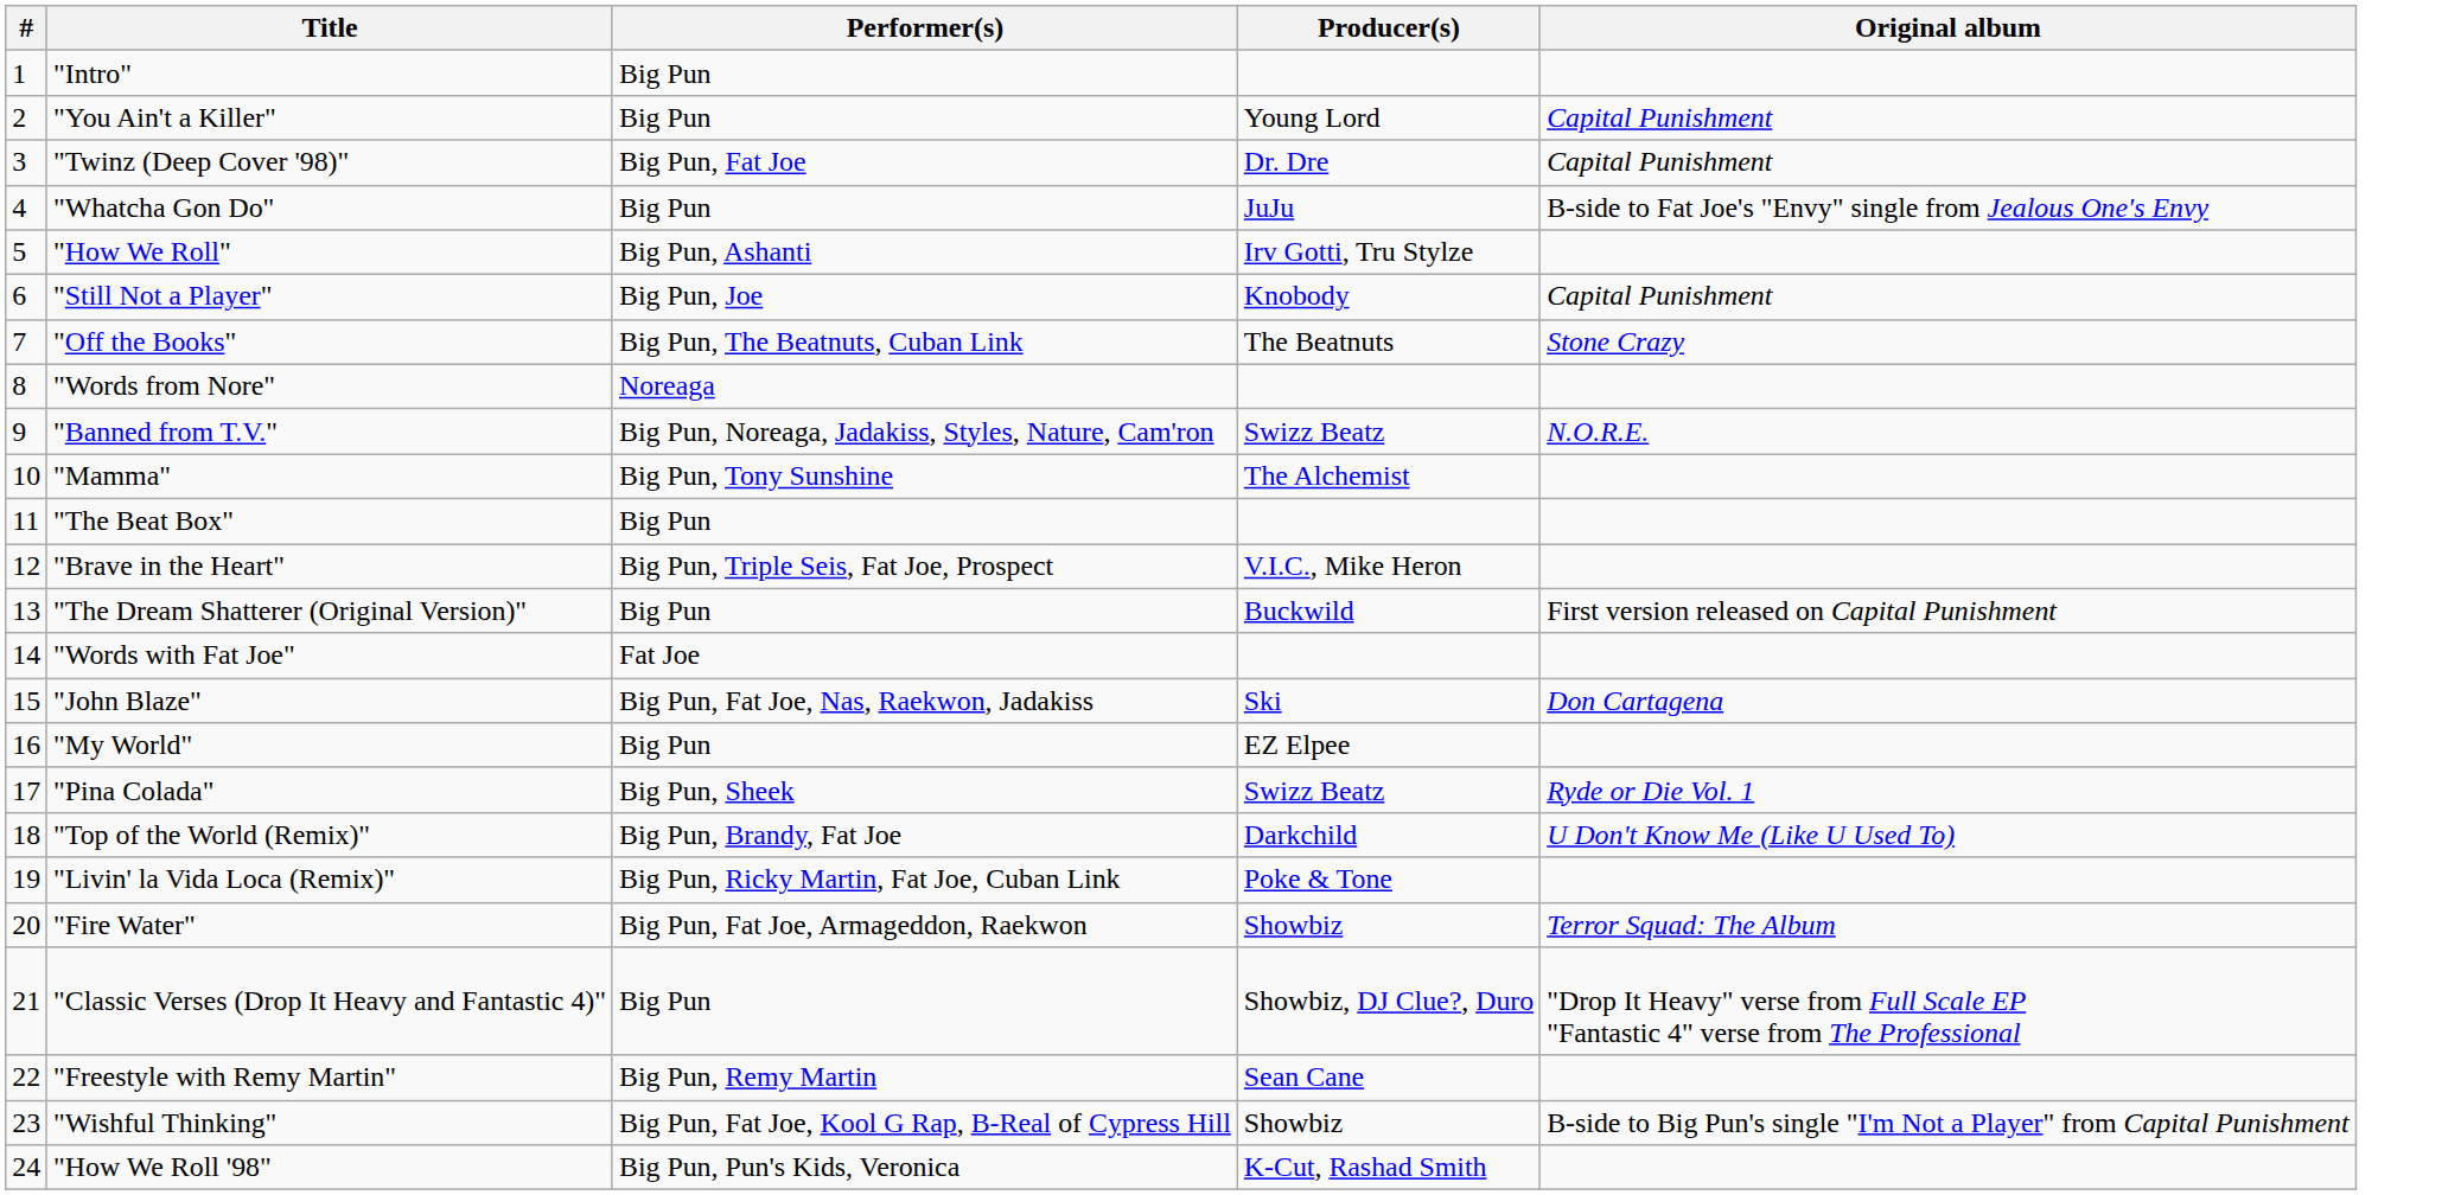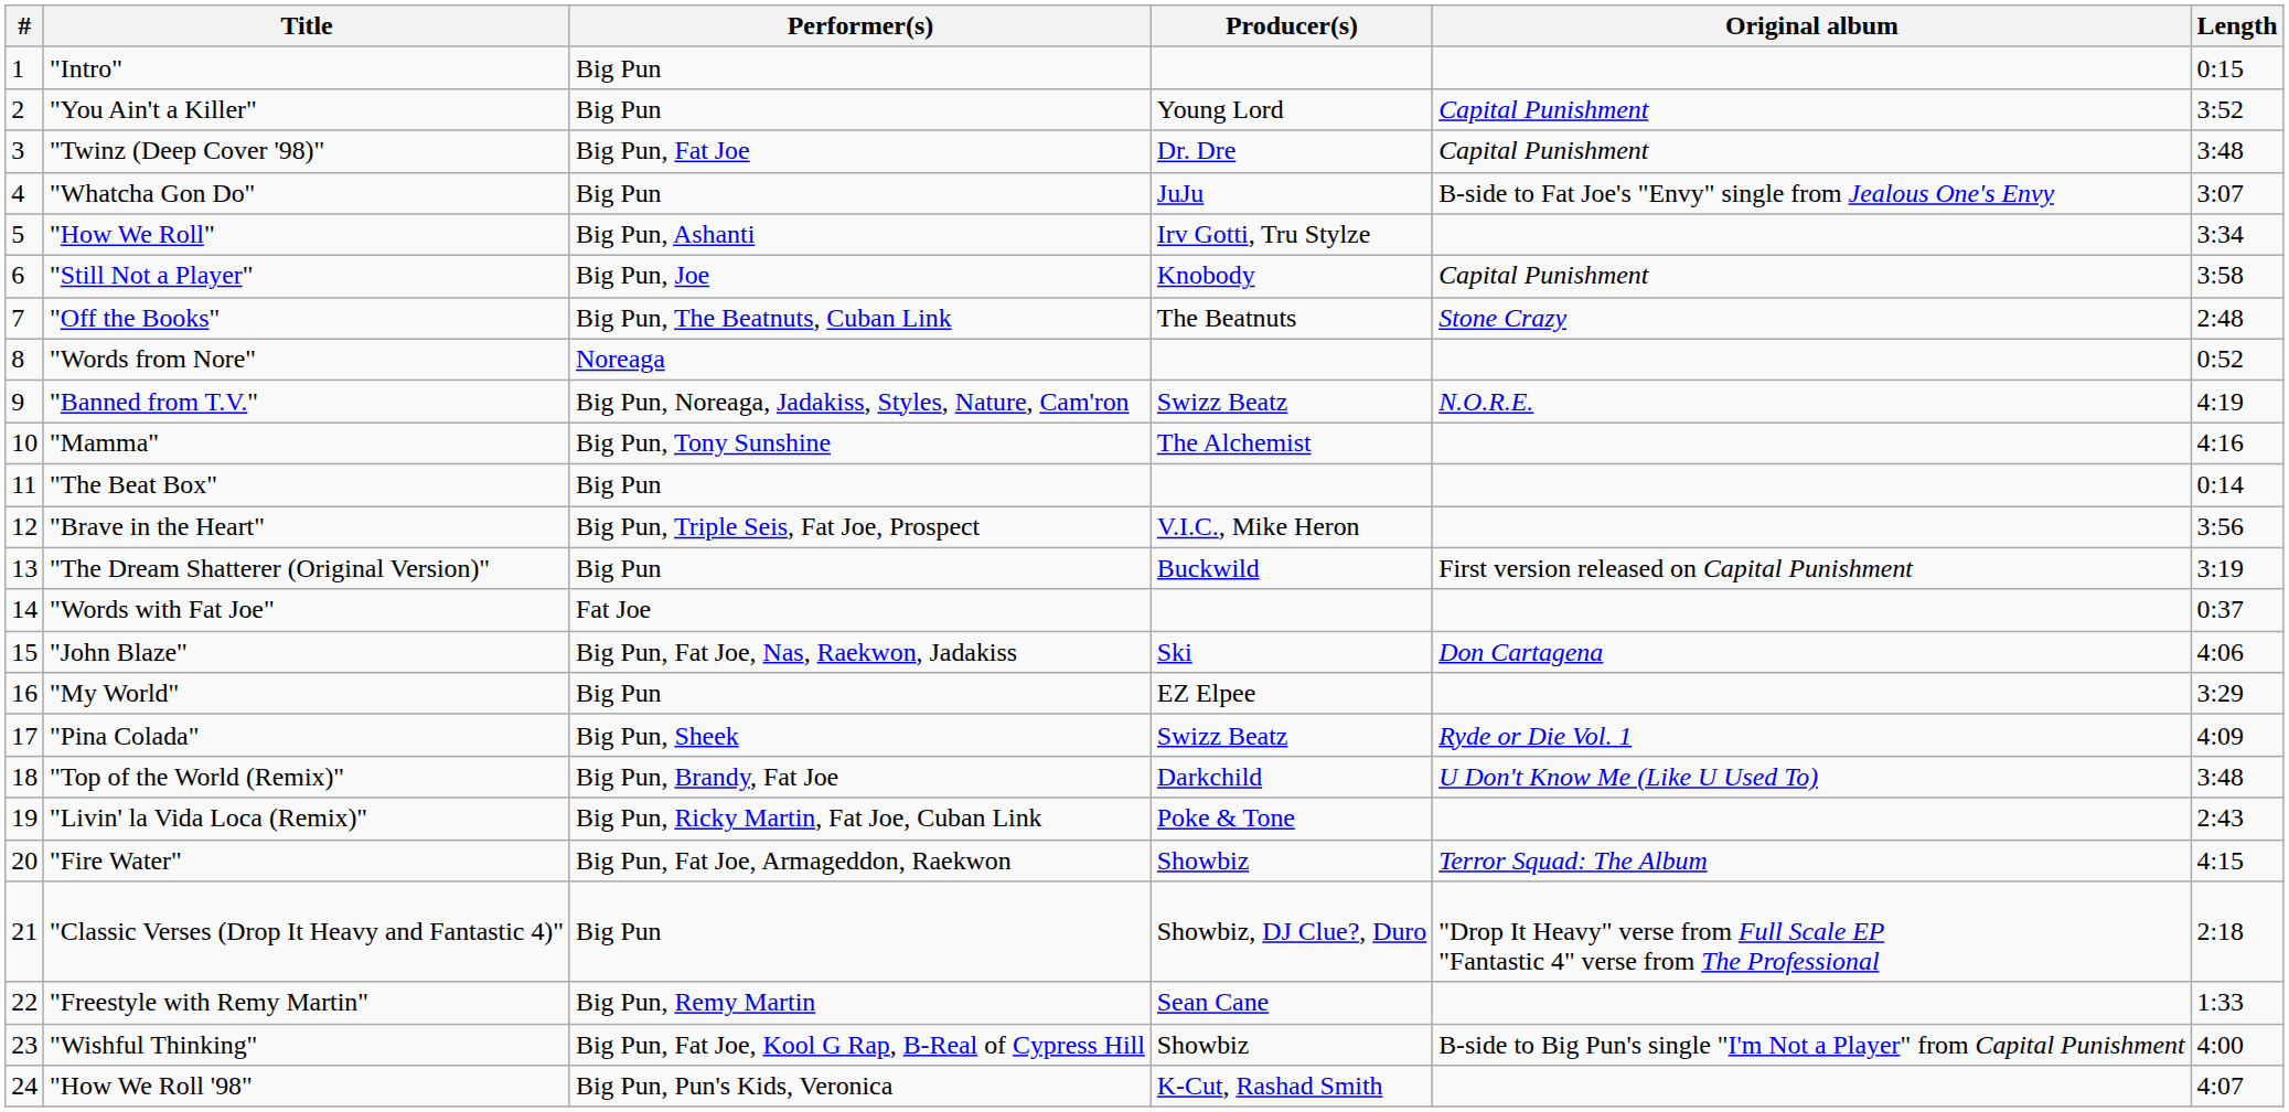 <table class="wikitable">
 <tr>
 <th align="center">#</th>
 <th align="center">Title</th>
 <th align="center">Performer(s)</th>
 <th align="center">Producer(s)</th>
 <th align="center">Original album</th>
+<th align="center">Length</th>
 </tr>
 <tr>
 <td>1</td>
 <td>"Intro"</td>
 <td>Big Pun</td>
 <td></td>
 <td></td>
+<td>0:15</td>
 </tr>
 <tr>
 <td>2</td>
 <td>"You Ain't a Killer"</td>
 <td>Big Pun</td>
 <td>Young Lord</td>
 <td><em><a href='#'>Capital Punishment</a></em></td>
+<td>3:52</td>
 </tr>
 <tr>
 <td>3</td>
 <td>"Twinz (Deep Cover '98)"</td>
 <td>Big Pun, <a href='#'>Fat Joe</a></td>
 <td><a href='#'>Dr. Dre</a></td>
 <td><em>Capital Punishment</em></td>
+<td>3:48</td>
 </tr>
 <tr>
 <td>4</td>
 <td>"Whatcha Gon Do"</td>
 <td>Big Pun</td>
 <td><a href='#'>JuJu</a></td>
 <td>B-side to Fat Joe's "Envy" single from <em><a href='#'>Jealous One's Envy</a></em></td>
+<td>3:07</td>
 </tr>
 <tr>
 <td>5</td>
 <td>"<a href='#'>How We Roll</a>"</td>
 <td>Big Pun, <a href='#'>Ashanti</a></td>
 <td><a href='#'>Irv Gotti</a>, Tru Stylze</td>
 <td></td>
+<td>3:34</td>
 </tr>
 <tr>
 <td>6</td>
 <td>"<a href='#'>Still Not a Player</a>"</td>
 <td>Big Pun, <a href='#'>Joe</a></td>
 <td><a href='#'>Knobody</a></td>
 <td><em>Capital Punishment</em></td>
+<td>3:58</td>
 </tr>
 <tr>
 <td>7</td>
 <td>"<a href='#'>Off the Books</a>"</td>
 <td>Big Pun, <a href='#'>The Beatnuts</a>, <a href='#'>Cuban Link</a></td>
 <td>The Beatnuts</td>
 <td><em><a href='#'>Stone Crazy</a></em></td>
+<td>2:48</td>
 </tr>
 <tr>
 <td>8</td>
 <td>"Words from Nore"</td>
 <td><a href='#'>Noreaga</a></td>
 <td></td>
 <td></td>
+<td>0:52</td>
 </tr>
 <tr>
 <td>9</td>
 <td>"<a href='#'>Banned from T.V.</a>"</td>
 <td>Big Pun, Noreaga, <a href='#'>Jadakiss</a>, <a href='#'>Styles</a>, <a href='#'>Nature</a>, <a href='#'>Cam'ron</a></td>
 <td><a href='#'>Swizz Beatz</a></td>
 <td><em><a href='#'>N.O.R.E.</a></em></td>
+<td>4:19</td>
 </tr>
 <tr>
 <td>10</td>
 <td>"Mamma"</td>
 <td>Big Pun, <a href='#'>Tony Sunshine</a></td>
 <td><a href='#'>The Alchemist</a></td>
 <td></td>
+<td>4:16</td>
 </tr>
 <tr>
 <td>11</td>
 <td>"The Beat Box"</td>
 <td>Big Pun</td>
 <td></td>
 <td></td>
+<td>0:14</td>
 </tr>
 <tr>
 <td>12</td>
 <td>"Brave in the Heart"</td>
 <td>Big Pun, <a href='#'>Triple Seis</a>, Fat Joe, Prospect</td>
 <td><a href='#'>V.I.C.</a>, Mike Heron</td>
 <td></td>
+<td>3:56</td>
 </tr>
 <tr>
 <td>13</td>
 <td>"The Dream Shatterer (Original Version)"</td>
 <td>Big Pun</td>
 <td><a href='#'>Buckwild</a></td>
 <td>First version released on <em>Capital Punishment</em></td>
+<td>3:19</td>
 </tr>
 <tr>
 <td>14</td>
 <td>"Words with Fat Joe"</td>
 <td>Fat Joe</td>
 <td></td>
 <td></td>
+<td>0:37</td>
 </tr>
 <tr>
 <td>15</td>
 <td>"John Blaze"</td>
 <td>Big Pun, Fat Joe, <a href='#'>Nas</a>, <a href='#'>Raekwon</a>, Jadakiss</td>
 <td><a href='#'>Ski</a></td>
 <td><em><a href='#'>Don Cartagena</a></em></td>
+<td>4:06</td>
 </tr>
 <tr>
 <td>16</td>
 <td>"My World"</td>
 <td>Big Pun</td>
 <td>EZ Elpee</td>
 <td></td>
+<td>3:29</td>
 </tr>
 <tr>
 <td>17</td>
 <td>"Pina Colada"</td>
 <td>Big Pun, <a href='#'>Sheek</a></td>
 <td><a href='#'>Swizz Beatz</a></td>
 <td><em><a href='#'>Ryde or Die Vol. 1</a></em></td>
+<td>4:09</td>
 </tr>
 <tr>
 <td>18</td>
 <td>"Top of the World (Remix)"</td>
 <td>Big Pun, <a href='#'>Brandy</a>, Fat Joe</td>
 <td><a href='#'>Darkchild</a></td>
 <td><em><a href='#'>U Don't Know Me (Like U Used To)</a></em></td>
+<td>3:48</td>
 </tr>
 <tr>
 <td>19</td>
 <td>"Livin' la Vida Loca (Remix)"</td>
 <td>Big Pun, <a href='#'>Ricky Martin</a>, Fat Joe, Cuban Link</td>
 <td><a href='#'>Poke & Tone</a></td>
 <td></td>
+<td>2:43</td>
 </tr>
 <tr>
 <td>20</td>
 <td>"Fire Water"</td>
 <td>Big Pun, Fat Joe, Armageddon, Raekwon</td>
 <td><a href='#'>Showbiz</a></td>
 <td><em><a href='#'>Terror Squad: The Album</a></em></td>
+<td>4:15</td>
 </tr>
 <tr>
 <td>21</td>
 <td>"Classic Verses (Drop It Heavy and Fantastic 4)"</td>
 <td>Big Pun</td>
 <td>Showbiz, <a href='#'>DJ Clue?</a>, <a href='#'>Duro</a></td>
 <td><br>"Drop It Heavy" verse from <em><a href='#'>Full Scale EP</a></em><br> "Fantastic 4" verse from <em><a href='#'>The Professional</a></em></td>
+<td>2:18</td>
 </tr>
 <tr>
 <td>22</td>
 <td>"Freestyle with Remy Martin"</td>
 <td>Big Pun, <a href='#'>Remy Martin</a></td>
 <td><a href='#'>Sean Cane</a></td>
 <td></td>
+<td>1:33</td>
 </tr>
 <tr>
 <td>23</td>
 <td>"Wishful Thinking"</td>
 <td>Big Pun, Fat Joe, <a href='#'>Kool G Rap</a>, <a href='#'>B-Real</a> of <a href='#'>Cypress Hill</a></td>
 <td>Showbiz</td>
 <td>B-side to Big Pun's single "<a href='#'>I'm Not a Player</a>" from <em>Capital Punishment</td>
+<td>4:00</td>
 </tr>
 <tr>
 <td>24</td>
 <td>"How We Roll '98"</td>
 <td>Big Pun, Pun's Kids, Veronica</td>
 <td><a href='#'>K-Cut</a>, <a href='#'>Rashad Smith</a></td>
 <td></td>
+<td>4:07</td>
 </tr>
 </table>
